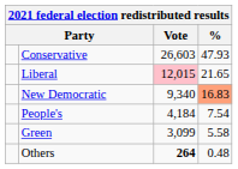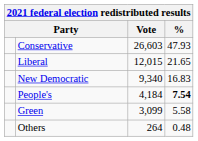 <table class="wikitable">
 <tr>
 <th colspan="4"><a href='#'>2021 federal election</a> redistributed results</th>
 </tr>
 <tr>
 <th bgcolor="#DDDDFF" width="130px" colspan="2">Party</th>
 <th bgcolor="#DDDDFF" width="50px">Vote</th>
 <th bgcolor="#DDDDFF" width="30px">%</th>
 </tr>
 <tr>
 <td> </td>
 <td><a href='#'>Conservative</a></td>
 <td align=right>26,603</td>
 <td align=right>47.93</td>
 </tr>
 <tr>
 <td> </td>
 <td><a href='#'>Liberal</a></td>
-<td align=right style="background: pink;">12,015</td>
+<td align=right>12,015</td>
 <td align=right>21.65</td>
 </tr>
 <tr>
 <td> </td>
 <td><a href='#'>New Democratic</a></td>
 <td align=right>9,340</td>
-<td align=right style="background: lightsalmon;">16.83</td>
+<td align=right>16.83</td>
 </tr>
 <tr>
 <td> </td>
 <td><a href='#'>People's</a></td>
 <td align=right>4,184</td>
-<td align=right>7.54</td>
+<td align=right><strong>7.54</strong></td>
 </tr>
 <tr>
 <td> </td>
 <td><a href='#'>Green</a></td>
 <td align=right>3,099</td>
 <td align=right>5.58</td>
 </tr>
 <tr>
 <td> </td>
 <td>Others</td>
-<td align=right><strong>264</strong></td>
+<td align=right>264</td>
 <td align=right>0.48</td>
 </tr>
 </table>
